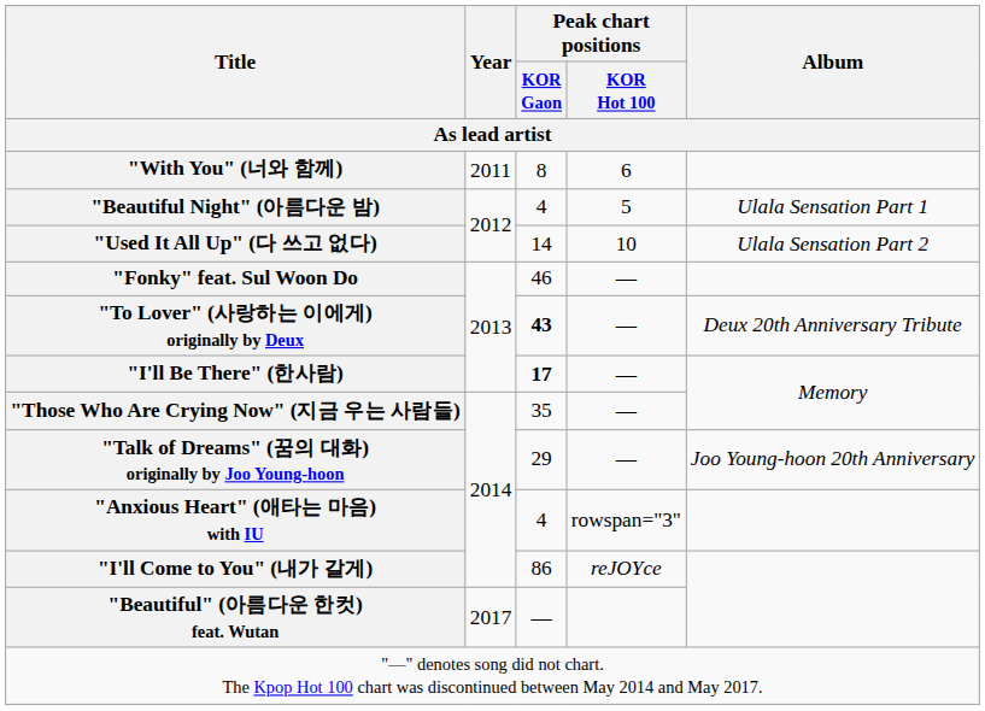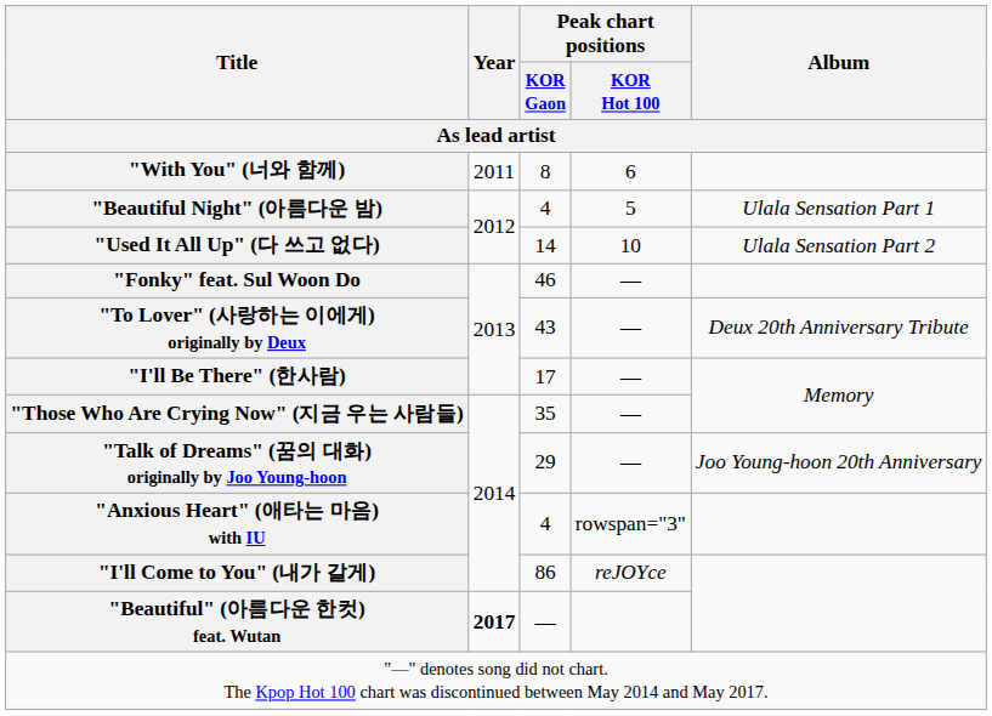 <table class="wikitable plainrowheaders" style="text-align:center;">
 <tr>
 <th rowspan="2" scope="col">Title</th>
 <th rowspan="2" scope="col">Year</th>
 <th colspan="2" scope="col" style="width:5em;">Peak chart positions</th>
 <th rowspan="2" scope="col">Album</th>
 </tr>
 <tr>
 <th><small><a href='#'>KOR<br>Gaon</a></small><br></th>
 <th><small><a href='#'>KOR<br>Hot 100</a></small><br></th>
 </tr>
 <tr>
 <th colspan="5">As lead artist</th>
 </tr>
 <tr>
 <th scope="row">"With You" (너와 함께)</th>
 <td>2011</td>
 <td>8</td>
 <td>6</td>
 <td></td>
 </tr>
 <tr>
 <th scope="row">"Beautiful Night" (아름다운 밤)</th>
 <td rowspan="2">2012</td>
 <td>4</td>
 <td>5</td>
 <td><em>Ulala Sensation Part 1</em></td>
 </tr>
 <tr>
 <th scope="row">"Used It All Up" (다 쓰고 없다)</th>
 <td>14</td>
 <td>10</td>
 <td><em>Ulala Sensation Part 2</em></td>
 </tr>
 <tr>
 <th scope="row">"Fonky" feat. Sul Woon Do</th>
 <td rowspan="3">2013</td>
 <td>46</td>
 <td>—</td>
 <td></td>
 </tr>
 <tr>
 <th scope="row">"To Lover" (사랑하는 이에게)<br><small>originally by <a href='#'>Deux</a></small></th>
-<td><strong>43</strong></td>
+<td>43</td>
 <td>—</td>
 <td><em>Deux 20th Anniversary Tribute</em></td>
 </tr>
 <tr>
 <th scope="row">"I'll Be There" (한사람)</th>
-<td><strong>17</strong></td>
+<td>17</td>
 <td>—</td>
 <td rowspan="2"><em>Memory</em></td>
 </tr>
 <tr>
 <th scope="row">"Those Who Are Crying Now" (지금 우는 사람들)</th>
 <td rowspan="4">2014</td>
 <td>35</td>
 <td>—</td>
 </tr>
 <tr>
 <th scope="row">"Talk of Dreams" (꿈의 대화)<br><small>originally by <a href='#'>Joo Young-hoon</a></small></th>
 <td>29</td>
 <td>—</td>
 <td><em>Joo Young-hoon 20th Anniversary</em></td>
 </tr>
 <tr>
 <th scope="row">"Anxious Heart" (애타는 마음)<br><small>with <a href='#'>IU</a></small></th>
 <td>4</td>
 <td>rowspan="3" </td>
 <td></td>
 </tr>
 <tr>
 <th scope="row">"I'll Come to You" (내가 갈게)</th>
 <td>86</td>
 <td><em>reJOYce</em></td>
 </tr>
 <tr>
 <th scope="row">"Beautiful" (아름다운 한컷)<br><small>feat. Wutan</small></th>
-<td>2017</td>
+<td><strong>2017</strong></td>
 <td>—</td>
 <td></td>
 </tr>
 <tr>
 <td colspan="5"><small>"—" denotes song did not chart.<br>The <a href='#'>Kpop Hot 100</a> chart was discontinued between May 2014 and May 2017.</small></td>
 </tr>
 <tr>
 </tr>
 </table>
